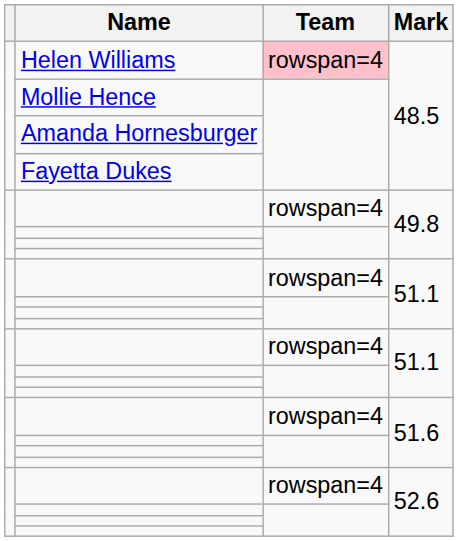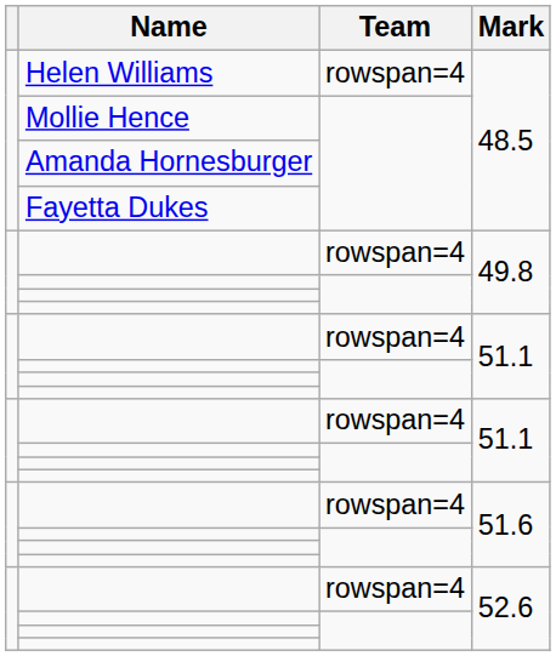 <table class=wikitable>
 <tr>
 <th></th>
 <th>Name</th>
 <th>Team</th>
 <th>Mark</th>
 </tr>
 <tr>
 <td rowspan=4></td>
 <td><a href='#'>Helen Williams</a></td>
-<td style="background: pink;">rowspan=4 </td>
+<td>rowspan=4 </td>
 <td rowspan=4>48.5</td>
 </tr>
 <tr>
 <td><a href='#'>Mollie Hence</a></td>
 </tr>
 <tr>
 <td><a href='#'>Amanda Hornesburger</a></td>
 </tr>
 <tr>
 <td><a href='#'>Fayetta Dukes</a></td>
 </tr>
 <tr>
 <td rowspan=4></td>
 <td></td>
 <td>rowspan=4 </td>
 <td rowspan=4>49.8</td>
 </tr>
 <tr>
 <td></td>
 </tr>
 <tr>
 <td></td>
 </tr>
 <tr>
 <td></td>
 </tr>
 <tr>
 <td rowspan=4></td>
 <td></td>
 <td>rowspan=4 </td>
 <td rowspan=4>51.1</td>
 </tr>
 <tr>
 <td></td>
 </tr>
 <tr>
 <td></td>
 </tr>
 <tr>
 <td></td>
 </tr>
 <tr>
 <td rowspan=4></td>
 <td></td>
 <td>rowspan=4 </td>
 <td rowspan=4>51.1</td>
 </tr>
 <tr>
 <td></td>
 </tr>
 <tr>
 <td></td>
 </tr>
 <tr>
 <td></td>
 </tr>
 <tr>
 <td rowspan=4></td>
 <td></td>
 <td>rowspan=4 </td>
 <td rowspan=4>51.6</td>
 </tr>
 <tr>
 <td></td>
 </tr>
 <tr>
 <td></td>
 </tr>
 <tr>
 <td></td>
 </tr>
 <tr>
 <td rowspan=4></td>
 <td></td>
 <td>rowspan=4 </td>
 <td rowspan=4>52.6</td>
 </tr>
 <tr>
 <td></td>
 </tr>
 <tr>
 <td></td>
 </tr>
 <tr>
 <td></td>
 </tr>
 </table>
